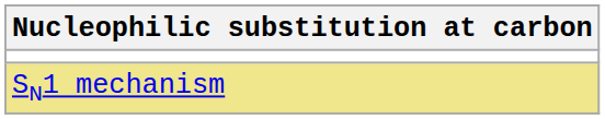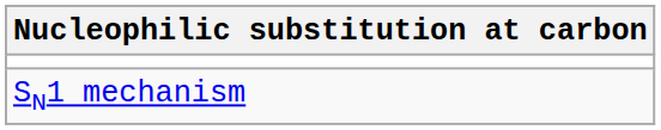 <table align="center" class="wikitable">
 <tr>
 <th colspan="2">Nucleophilic substitution at carbon</th>
 </tr>
 <tr>
 <td bgcolor="#FFFFFF"></td>
 </tr>
 <tr>
-<td style="background: khaki;"><a href='#'>S<sub>N</sub>1 mechanism</a></td>
+<td><a href='#'>S<sub>N</sub>1 mechanism</a></td>
 </tr>
 </table>
